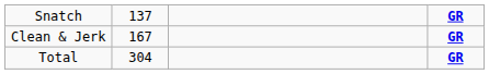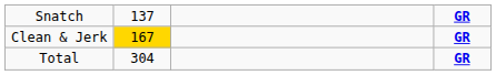 <table class = "wikitable" style="text-align:center;">
 <tr>
 <td width=100>Snatch</td>
 <td width=50>137</td>
 <td width=250 align=left></td>
 <td width=50><strong><a href='#'>GR</a></strong></td>
 </tr>
 <tr>
 <td>Clean & Jerk</td>
-<td>167</td>
+<td style="background: gold;">167</td>
 <td align=left></td>
 <td><strong><a href='#'>GR</a></strong></td>
 </tr>
 <tr>
 <td>Total</td>
 <td>304</td>
 <td align=left></td>
 <td><strong><a href='#'>GR</a></strong></td>
 </tr>
 </table>
